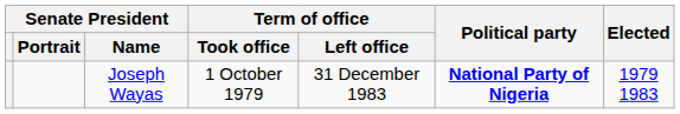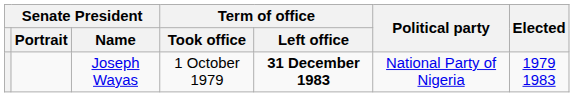 <table class=wikitable style=text-align:center>
 <tr>
 <th colspan=3>Senate President</th>
 <th colspan=2>Term of office</th>
 <th rowspan=2>Political party</th>
 <th rowspan=2>Elected</th>
 </tr>
 <tr>
 <th></th>
 <th>Portrait</th>
 <th>Name</th>
 <th>Took office</th>
 <th>Left office</th>
 </tr>
 <tr>
 <th style="background:"></th>
 <td></td>
 <td><a href='#'>Joseph Wayas</a></td>
 <td>1 October 1979</td>
-<td>31 December 1983</td>
-<td><strong><a href='#'>National Party of Nigeria</a></strong></td>
+<td><strong>31 December 1983</strong></td>
+<td><a href='#'>National Party of Nigeria</a></td>
 <td><a href='#'>1979</a><br><a href='#'>1983</a></td>
 </tr>
 </table>
